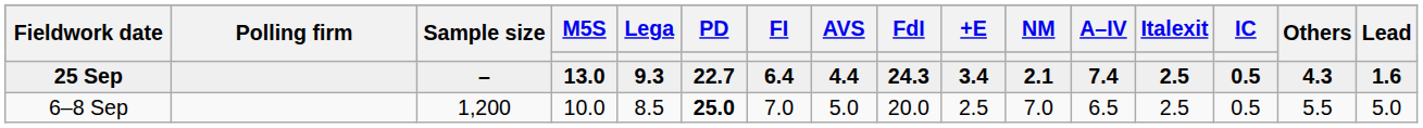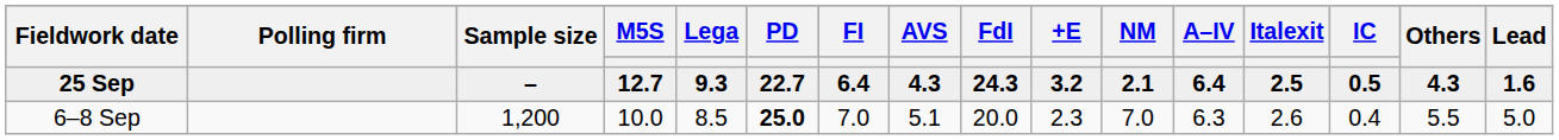 <table class="wikitable mw-collapsible" style="text-align:center;font-size:85%;line-height:13px">
 <tr style="height:30px; background-color:#8B8B8B">
 <th rowspan="2" style="width:100px;">Fieldwork date</th>
 <th rowspan="2" style="width:150px;">Polling firm</th>
 <th rowspan="2" style="width:80px;">Sample size</th>
 <th style="width:35px;"><a href='#'>M5S</a></th>
 <th style="width:35px;"><a href='#'>Lega</a></th>
 <th style="width:35px;"><a href='#'>PD</a></th>
 <th style="width:35px;"><a href='#'>FI</a></th>
 <th style="width:35px;"><a href='#'>AVS</a></th>
 <th style="width:35px;"><a href='#'>FdI</a></th>
 <th style="width:35px;"><a href='#'>+E</a></th>
 <th style="width:35px;"><a href='#'>NM</a></th>
 <th style="width:35px;"><a href='#'>A–IV</a></th>
 <th style="width:35px;"><a href='#'>Italexit</a></th>
 <th style="width:35px;"><a href='#'>IC</a></th>
 <th rowspan="2" style="width:35px;">Others</th>
 <th rowspan="2" style="width:25px;">Lead</th>
 </tr>
 <tr>
 <th style="background:"></th>
 <th style="background:"></th>
 <th style="background:"></th>
 <th style="background:"></th>
 <th style="background:"></th>
 <th style="background:"></th>
 <th style="background:"></th>
 <th style="background:"></th>
 <th style="background:"></th>
 <th style="background:"></th>
 <th style="background:"></th>
 </tr>
 <tr style="background:#EFEFEF; font-weight:bold;">
 <td>25 Sep</td>
 <td></td>
 <td>–</td>
-<td>13.0</td>
+<td>12.7</td>
 <td>9.3</td>
 <td>22.7</td>
 <td>6.4</td>
-<td>4.4</td>
+<td>4.3</td>
 <td><strong>24.3</strong></td>
-<td>3.4</td>
+<td>3.2</td>
 <td>2.1</td>
-<td>7.4</td>
+<td>6.4</td>
 <td>2.5</td>
 <td>0.5</td>
 <td>4.3</td>
 <td style="background:">1.6</td>
 </tr>
 <tr>
 <td>6–8 Sep</td>
 <td></td>
 <td>1,200</td>
 <td>10.0</td>
 <td>8.5</td>
 <td><strong>25.0</strong></td>
 <td>7.0</td>
-<td>5.0</td>
+<td>5.1</td>
 <td>20.0</td>
-<td>2.5</td>
+<td>2.3</td>
 <td>7.0</td>
-<td>6.5</td>
-<td>2.5</td>
-<td>0.5</td>
+<td>6.3</td>
+<td>2.6</td>
+<td>0.4</td>
 <td>5.5</td>
 <td style="background:">5.0</td>
 </tr>
 </table>
